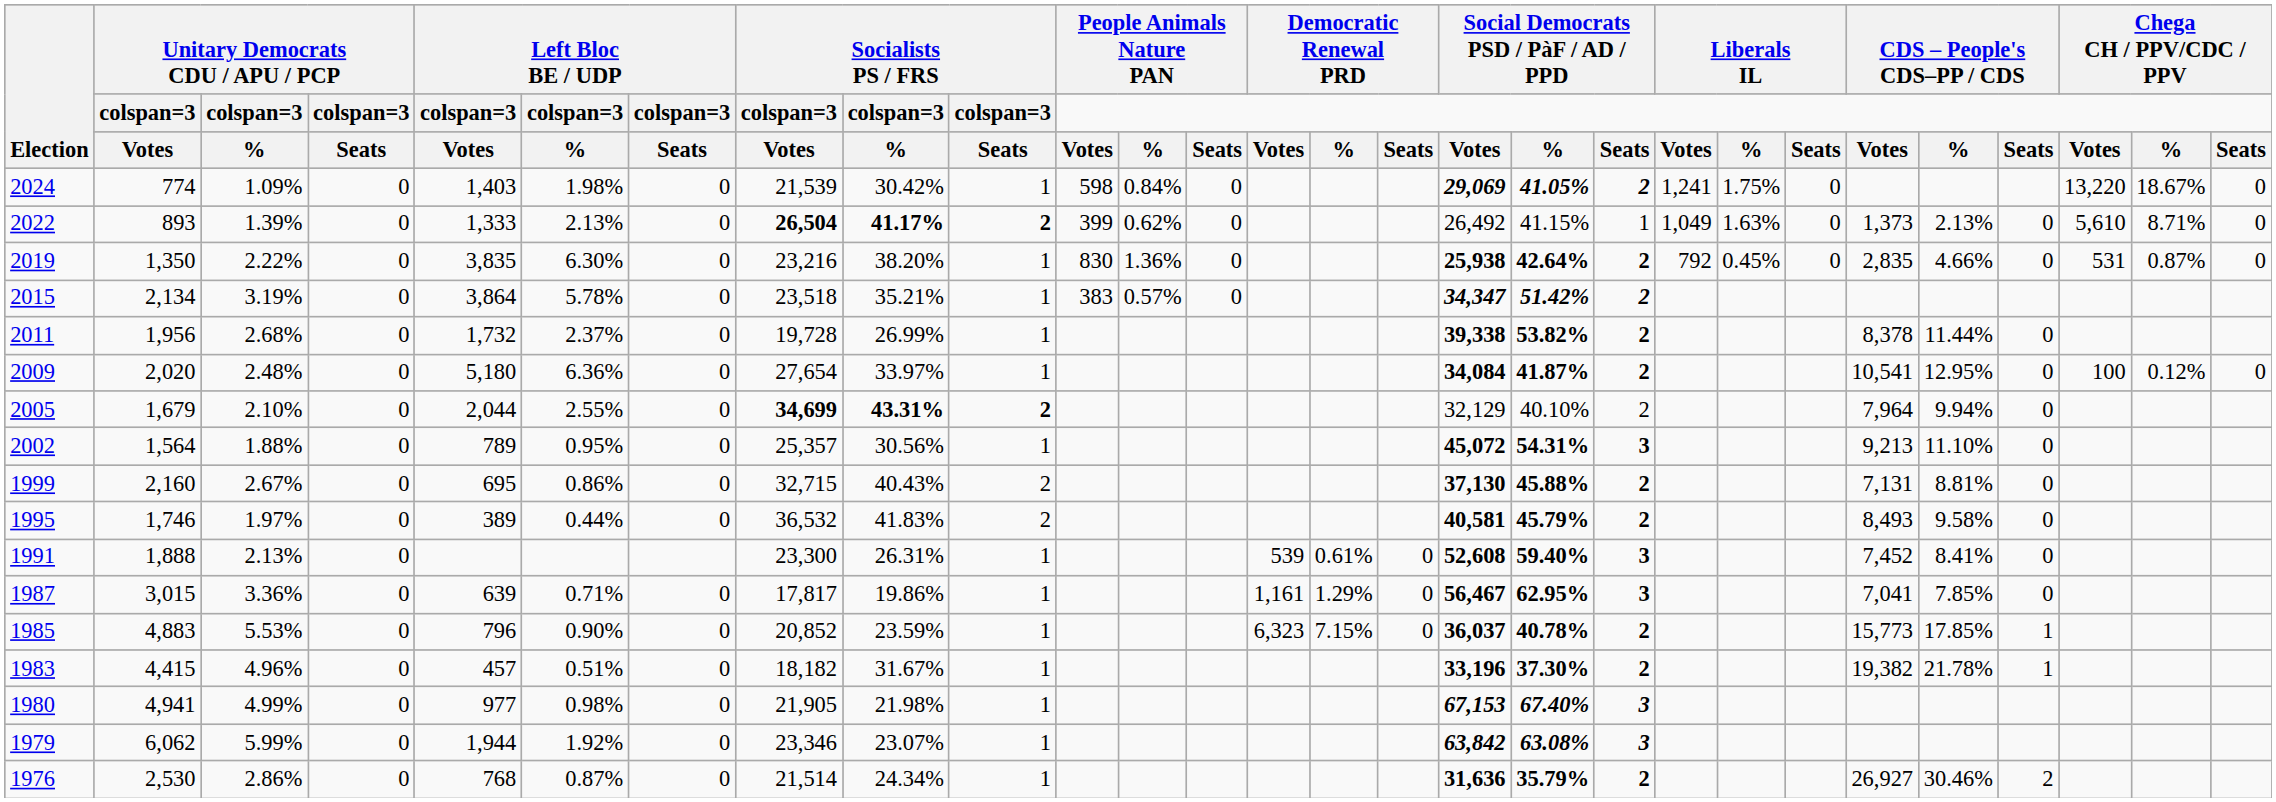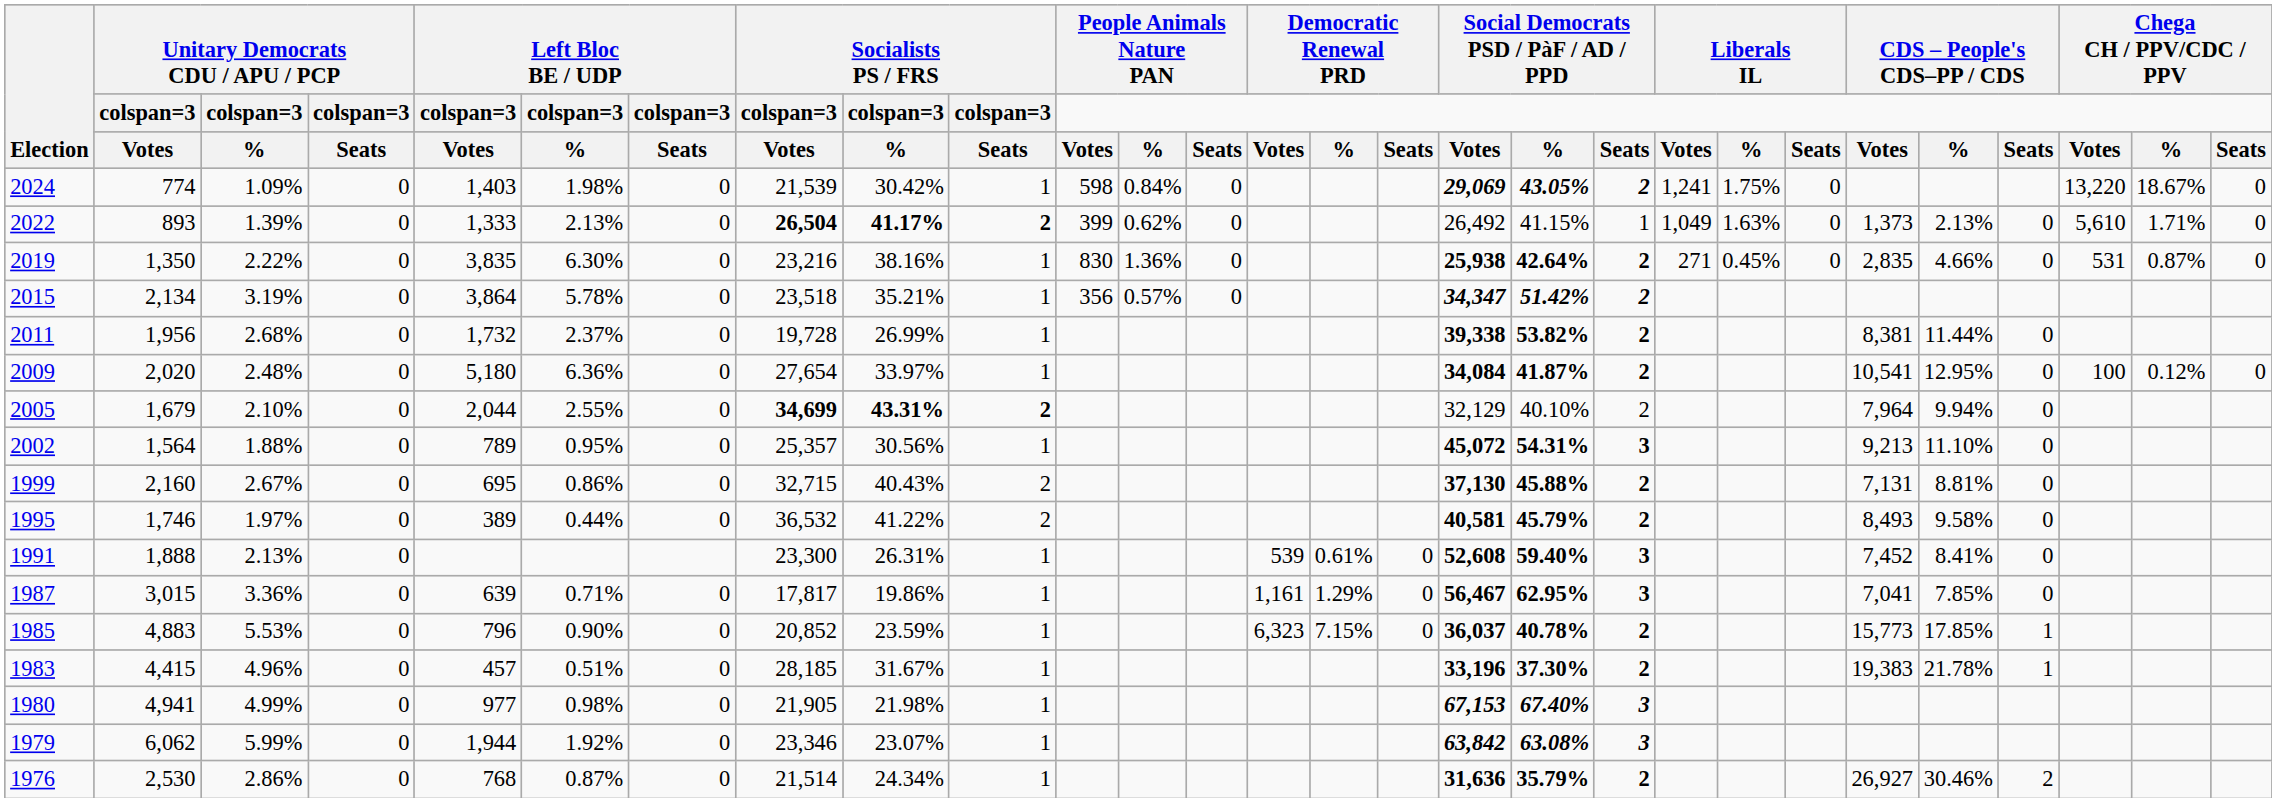 <table class="wikitable" border="1" style="font-size:85%; text-align:right;">
 <tr>
 <th style="text-align:left;" valign=bottom rowspan=3>Election</th>
 <th valign=bottom colspan=3><a href='#'>Unitary Democrats</a><br>CDU / APU / PCP</th>
 <th valign=bottom colspan=3><a href='#'>Left Bloc</a><br>BE / UDP</th>
 <th valign=bottom colspan=3><a href='#'>Socialists</a><br>PS / FRS</th>
 <th valign=bottom colspan=3><a href='#'>People Animals Nature</a><br>PAN</th>
 <th valign=bottom colspan=3><a href='#'>Democratic Renewal</a><br>PRD</th>
 <th valign=bottom colspan=3><a href='#'>Social Democrats</a><br>PSD / PàF / AD / PPD</th>
 <th valign=bottom colspan=3><a href='#'>Liberals</a><br>IL</th>
 <th valign=bottom colspan=3><a href='#'>CDS – People's</a><br>CDS–PP / CDS</th>
 <th valign=bottom colspan=3><a href='#'>Chega</a><br>CH / PPV/CDC / PPV</th>
 </tr>
 <tr>
 <th>colspan=3 </th>
 <th>colspan=3 </th>
 <th>colspan=3 </th>
 <th>colspan=3 </th>
 <th>colspan=3 </th>
 <th>colspan=3 </th>
 <th>colspan=3 </th>
 <th>colspan=3 </th>
 <th>colspan=3 </th>
 </tr>
 <tr>
 <th>Votes</th>
 <th>%</th>
 <th>Seats</th>
 <th>Votes</th>
 <th>%</th>
 <th>Seats</th>
 <th>Votes</th>
 <th>%</th>
 <th>Seats</th>
 <th>Votes</th>
 <th>%</th>
 <th>Seats</th>
 <th>Votes</th>
 <th>%</th>
 <th>Seats</th>
 <th>Votes</th>
 <th>%</th>
 <th>Seats</th>
 <th>Votes</th>
 <th>%</th>
 <th>Seats</th>
 <th>Votes</th>
 <th>%</th>
 <th>Seats</th>
 <th>Votes</th>
 <th>%</th>
 <th>Seats</th>
 </tr>
 <tr>
 <td align=left><a href='#'>2024</a></td>
 <td>774</td>
 <td>1.09%</td>
 <td>0</td>
 <td>1,403</td>
 <td>1.98%</td>
 <td>0</td>
 <td>21,539</td>
 <td>30.42%</td>
 <td>1</td>
 <td>598</td>
 <td>0.84%</td>
 <td>0</td>
 <td></td>
 <td></td>
 <td></td>
 <td><strong><em>29,069</em></strong></td>
-<td><strong><em>41.05%</em></strong></td>
+<td><strong><em>43.05%</em></strong></td>
 <td><strong><em>2</em></strong></td>
 <td>1,241</td>
 <td>1.75%</td>
 <td>0</td>
 <td></td>
 <td></td>
 <td></td>
 <td>13,220</td>
 <td>18.67%</td>
 <td>0</td>
 </tr>
 <tr>
 <td align=left><a href='#'>2022</a></td>
 <td>893</td>
 <td>1.39%</td>
 <td>0</td>
 <td>1,333</td>
 <td>2.13%</td>
 <td>0</td>
 <td><strong>26,504</strong></td>
 <td><strong>41.17%</strong></td>
 <td><strong>2</strong></td>
 <td>399</td>
 <td>0.62%</td>
 <td>0</td>
 <td></td>
 <td></td>
 <td></td>
 <td>26,492</td>
 <td>41.15%</td>
 <td>1</td>
 <td>1,049</td>
 <td>1.63%</td>
 <td>0</td>
 <td>1,373</td>
 <td>2.13%</td>
 <td>0</td>
 <td>5,610</td>
-<td>8.71%</td>
+<td>1.71%</td>
 <td>0</td>
 </tr>
 <tr>
 <td align=left><a href='#'>2019</a></td>
 <td>1,350</td>
 <td>2.22%</td>
 <td>0</td>
 <td>3,835</td>
 <td>6.30%</td>
 <td>0</td>
 <td>23,216</td>
-<td>38.20%</td>
+<td>38.16%</td>
 <td>1</td>
 <td>830</td>
 <td>1.36%</td>
 <td>0</td>
 <td></td>
 <td></td>
 <td></td>
 <td><strong>25,938</strong></td>
 <td><strong>42.64%</strong></td>
 <td><strong>2</strong></td>
-<td>792</td>
+<td>271</td>
 <td>0.45%</td>
 <td>0</td>
 <td>2,835</td>
 <td>4.66%</td>
 <td>0</td>
 <td>531</td>
 <td>0.87%</td>
 <td>0</td>
 </tr>
 <tr>
 <td align=left><a href='#'>2015</a></td>
 <td>2,134</td>
 <td>3.19%</td>
 <td>0</td>
 <td>3,864</td>
 <td>5.78%</td>
 <td>0</td>
 <td>23,518</td>
 <td>35.21%</td>
 <td>1</td>
-<td>383</td>
+<td>356</td>
 <td>0.57%</td>
 <td>0</td>
 <td></td>
 <td></td>
 <td></td>
 <td><strong><em>34,347</em></strong></td>
 <td><strong><em>51.42%</em></strong></td>
 <td><strong><em>2</em></strong></td>
 <td></td>
 <td></td>
 <td></td>
 <td></td>
 <td></td>
 <td></td>
 <td></td>
 <td></td>
 <td></td>
 </tr>
 <tr>
 <td align=left><a href='#'>2011</a></td>
 <td>1,956</td>
 <td>2.68%</td>
 <td>0</td>
 <td>1,732</td>
 <td>2.37%</td>
 <td>0</td>
 <td>19,728</td>
 <td>26.99%</td>
 <td>1</td>
 <td></td>
 <td></td>
 <td></td>
 <td></td>
 <td></td>
 <td></td>
 <td><strong>39,338</strong></td>
 <td><strong>53.82%</strong></td>
 <td><strong>2</strong></td>
 <td></td>
 <td></td>
 <td></td>
-<td>8,378</td>
+<td>8,381</td>
 <td>11.44%</td>
 <td>0</td>
 <td></td>
 <td></td>
 <td></td>
 </tr>
 <tr>
 <td align=left><a href='#'>2009</a></td>
 <td>2,020</td>
 <td>2.48%</td>
 <td>0</td>
 <td>5,180</td>
 <td>6.36%</td>
 <td>0</td>
 <td>27,654</td>
 <td>33.97%</td>
 <td>1</td>
 <td></td>
 <td></td>
 <td></td>
 <td></td>
 <td></td>
 <td></td>
 <td><strong>34,084</strong></td>
 <td><strong>41.87%</strong></td>
 <td><strong>2</strong></td>
 <td></td>
 <td></td>
 <td></td>
 <td>10,541</td>
 <td>12.95%</td>
 <td>0</td>
 <td>100</td>
 <td>0.12%</td>
 <td>0</td>
 </tr>
 <tr>
 <td align=left><a href='#'>2005</a></td>
 <td>1,679</td>
 <td>2.10%</td>
 <td>0</td>
 <td>2,044</td>
 <td>2.55%</td>
 <td>0</td>
 <td><strong>34,699</strong></td>
 <td><strong>43.31%</strong></td>
 <td><strong>2</strong></td>
 <td></td>
 <td></td>
 <td></td>
 <td></td>
 <td></td>
 <td></td>
 <td>32,129</td>
 <td>40.10%</td>
 <td>2</td>
 <td></td>
 <td></td>
 <td></td>
 <td>7,964</td>
 <td>9.94%</td>
 <td>0</td>
 <td></td>
 <td></td>
 <td></td>
 </tr>
 <tr>
 <td align=left><a href='#'>2002</a></td>
 <td>1,564</td>
 <td>1.88%</td>
 <td>0</td>
 <td>789</td>
 <td>0.95%</td>
 <td>0</td>
 <td>25,357</td>
 <td>30.56%</td>
 <td>1</td>
 <td></td>
 <td></td>
 <td></td>
 <td></td>
 <td></td>
 <td></td>
 <td><strong>45,072</strong></td>
 <td><strong>54.31%</strong></td>
 <td><strong>3</strong></td>
 <td></td>
 <td></td>
 <td></td>
 <td>9,213</td>
 <td>11.10%</td>
 <td>0</td>
 <td></td>
 <td></td>
 <td></td>
 </tr>
 <tr>
 <td align=left><a href='#'>1999</a></td>
 <td>2,160</td>
 <td>2.67%</td>
 <td>0</td>
 <td>695</td>
 <td>0.86%</td>
 <td>0</td>
 <td>32,715</td>
 <td>40.43%</td>
 <td>2</td>
 <td></td>
 <td></td>
 <td></td>
 <td></td>
 <td></td>
 <td></td>
 <td><strong>37,130</strong></td>
 <td><strong>45.88%</strong></td>
 <td><strong>2</strong></td>
 <td></td>
 <td></td>
 <td></td>
 <td>7,131</td>
 <td>8.81%</td>
 <td>0</td>
 <td></td>
 <td></td>
 <td></td>
 </tr>
 <tr>
 <td align=left><a href='#'>1995</a></td>
 <td>1,746</td>
 <td>1.97%</td>
 <td>0</td>
 <td>389</td>
 <td>0.44%</td>
 <td>0</td>
 <td>36,532</td>
-<td>41.83%</td>
+<td>41.22%</td>
 <td>2</td>
 <td></td>
 <td></td>
 <td></td>
 <td></td>
 <td></td>
 <td></td>
 <td><strong>40,581</strong></td>
 <td><strong>45.79%</strong></td>
 <td><strong>2</strong></td>
 <td></td>
 <td></td>
 <td></td>
 <td>8,493</td>
 <td>9.58%</td>
 <td>0</td>
 <td></td>
 <td></td>
 <td></td>
 </tr>
 <tr>
 <td align=left><a href='#'>1991</a></td>
 <td>1,888</td>
 <td>2.13%</td>
 <td>0</td>
 <td></td>
 <td></td>
 <td></td>
 <td>23,300</td>
 <td>26.31%</td>
 <td>1</td>
 <td></td>
 <td></td>
 <td></td>
 <td>539</td>
 <td>0.61%</td>
 <td>0</td>
 <td><strong>52,608</strong></td>
 <td><strong>59.40%</strong></td>
 <td><strong>3</strong></td>
 <td></td>
 <td></td>
 <td></td>
 <td>7,452</td>
 <td>8.41%</td>
 <td>0</td>
 <td></td>
 <td></td>
 <td></td>
 </tr>
 <tr>
 <td align=left><a href='#'>1987</a></td>
 <td>3,015</td>
 <td>3.36%</td>
 <td>0</td>
 <td>639</td>
 <td>0.71%</td>
 <td>0</td>
 <td>17,817</td>
 <td>19.86%</td>
 <td>1</td>
 <td></td>
 <td></td>
 <td></td>
 <td>1,161</td>
 <td>1.29%</td>
 <td>0</td>
 <td><strong>56,467</strong></td>
 <td><strong>62.95%</strong></td>
 <td><strong>3</strong></td>
 <td></td>
 <td></td>
 <td></td>
 <td>7,041</td>
 <td>7.85%</td>
 <td>0</td>
 <td></td>
 <td></td>
 <td></td>
 </tr>
 <tr>
 <td align=left><a href='#'>1985</a></td>
 <td>4,883</td>
 <td>5.53%</td>
 <td>0</td>
 <td>796</td>
 <td>0.90%</td>
 <td>0</td>
 <td>20,852</td>
 <td>23.59%</td>
 <td>1</td>
 <td></td>
 <td></td>
 <td></td>
 <td>6,323</td>
 <td>7.15%</td>
 <td>0</td>
 <td><strong>36,037</strong></td>
 <td><strong>40.78%</strong></td>
 <td><strong>2</strong></td>
 <td></td>
 <td></td>
 <td></td>
 <td>15,773</td>
 <td>17.85%</td>
 <td>1</td>
 <td></td>
 <td></td>
 <td></td>
 </tr>
 <tr>
 <td align=left><a href='#'>1983</a></td>
 <td>4,415</td>
 <td>4.96%</td>
 <td>0</td>
 <td>457</td>
 <td>0.51%</td>
 <td>0</td>
-<td>18,182</td>
+<td>28,185</td>
 <td>31.67%</td>
 <td>1</td>
 <td></td>
 <td></td>
 <td></td>
 <td></td>
 <td></td>
 <td></td>
 <td><strong>33,196</strong></td>
 <td><strong>37.30%</strong></td>
 <td><strong>2</strong></td>
 <td></td>
 <td></td>
 <td></td>
-<td>19,382</td>
+<td>19,383</td>
 <td>21.78%</td>
 <td>1</td>
 <td></td>
 <td></td>
 <td></td>
 </tr>
 <tr>
 <td align=left><a href='#'>1980</a></td>
 <td>4,941</td>
 <td>4.99%</td>
 <td>0</td>
 <td>977</td>
 <td>0.98%</td>
 <td>0</td>
 <td>21,905</td>
 <td>21.98%</td>
 <td>1</td>
 <td></td>
 <td></td>
 <td></td>
 <td></td>
 <td></td>
 <td></td>
 <td><strong><em>67,153</em></strong></td>
 <td><strong><em>67.40%</em></strong></td>
 <td><strong><em>3</em></strong></td>
 <td></td>
 <td></td>
 <td></td>
 <td></td>
 <td></td>
 <td></td>
 <td></td>
 <td></td>
 <td></td>
 </tr>
 <tr>
 <td align=left><a href='#'>1979</a></td>
 <td>6,062</td>
 <td>5.99%</td>
 <td>0</td>
 <td>1,944</td>
 <td>1.92%</td>
 <td>0</td>
 <td>23,346</td>
 <td>23.07%</td>
 <td>1</td>
 <td></td>
 <td></td>
 <td></td>
 <td></td>
 <td></td>
 <td></td>
 <td><strong><em>63,842</em></strong></td>
 <td><strong><em>63.08%</em></strong></td>
 <td><strong><em>3</em></strong></td>
 <td></td>
 <td></td>
 <td></td>
 <td></td>
 <td></td>
 <td></td>
 <td></td>
 <td></td>
 <td></td>
 </tr>
 <tr>
 <td align=left><a href='#'>1976</a></td>
 <td>2,530</td>
 <td>2.86%</td>
 <td>0</td>
 <td>768</td>
 <td>0.87%</td>
 <td>0</td>
 <td>21,514</td>
 <td>24.34%</td>
 <td>1</td>
 <td></td>
 <td></td>
 <td></td>
 <td></td>
 <td></td>
 <td></td>
 <td><strong>31,636</strong></td>
 <td><strong>35.79%</strong></td>
 <td><strong>2</strong></td>
 <td></td>
 <td></td>
 <td></td>
 <td>26,927</td>
 <td>30.46%</td>
 <td>2</td>
 <td></td>
 <td></td>
 <td></td>
 </tr>
 </table>
